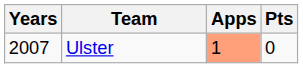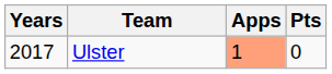 <table class="wikitable" style="text-align:left;">
 <tr>
 <th>Years</th>
 <th width=120px>Team</th>
 <th>Apps</th>
 <th>Pts</th>
 </tr>
 <tr>
-<td>2007</td>
+<td>2017</td>
 <td><a href='#'>Ulster</a></td>
 <td style="background: lightsalmon;">1</td>
 <td>0</td>
 </tr>
 </table>
